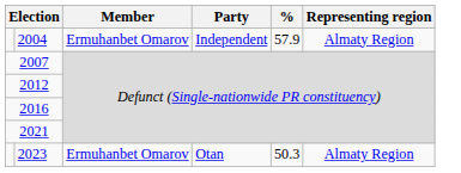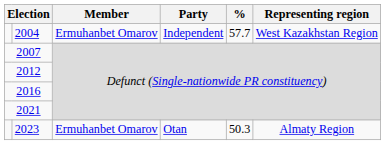 <table class="wikitable">
 <tr>
 <th colspan="2">Election</th>
 <th>Member</th>
 <th>Party</th>
 <th>%</th>
 <th>Representing region</th>
 </tr>
 <tr>
 <td style="background-color: "></td>
 <td><a href='#'>2004</a></td>
 <td><a href='#'>Ermuhanbet Omarov</a></td>
 <td><a href='#'>Independent</a></td>
-<td align="right">57.9</td>
-<td align="center"><a href='#'>Almaty Region</a></td>
+<td align="right">57.7</td>
+<td align="center"><a href='#'>West Kazakhstan Region</a></td>
 </tr>
 <tr>
 <td colspan="2" align="center"><a href='#'>2007</a></td>
 <td colspan="4" rowspan="4" align="center" style="background-color:#DCDCDC"><em>Defunct (<a href='#'>Single-nationwide PR constituency</a>)</em></td>
 </tr>
 <tr>
 <td colspan="2" align="center"><a href='#'>2012</a></td>
 </tr>
 <tr>
 <td colspan="2" align="center"><a href='#'>2016</a></td>
 </tr>
 <tr>
 <td colspan="2" align="center"><a href='#'>2021</a></td>
 </tr>
 <tr>
 <td style="background-color: "></td>
 <td><a href='#'>2023</a></td>
 <td><a href='#'>Ermuhanbet Omarov</a></td>
 <td><a href='#'>Otan</a></td>
 <td align="right">50.3</td>
 <td align="center"><a href='#'>Almaty Region</a></td>
 </tr>
 </table>
